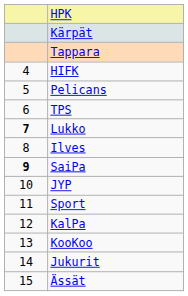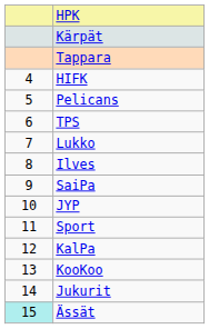 <table class="wikitable" style="width:200px;">
 <tr style="background:#F7F6A8;">
 <td align=center></td>
 <td><a href='#'>HPK</a></td>
 </tr>
 <tr style="background:#DCE5E5;">
 <td align=center></td>
 <td><a href='#'>Kärpät</a></td>
 </tr>
 <tr style="background:#FFDAB9;">
 <td align=center></td>
 <td><a href='#'>Tappara</a></td>
 </tr>
 <tr>
 <td align=center>4</td>
 <td><a href='#'>HIFK</a></td>
 </tr>
 <tr>
 <td align=center>5</td>
 <td><a href='#'>Pelicans</a></td>
 </tr>
 <tr>
 <td align=center>6</td>
 <td><a href='#'>TPS</a></td>
 </tr>
 <tr>
-<td align=center><strong>7</strong></td>
+<td align=center>7</td>
 <td><a href='#'>Lukko</a></td>
 </tr>
 <tr>
 <td align=center>8</td>
 <td><a href='#'>Ilves</a></td>
 </tr>
 <tr>
-<td align=center><strong>9</strong></td>
+<td align=center>9</td>
 <td><a href='#'>SaiPa</a></td>
 </tr>
 <tr>
 <td align=center>10</td>
 <td><a href='#'>JYP</a></td>
 </tr>
 <tr>
 <td align=center>11</td>
 <td><a href='#'>Sport</a></td>
 </tr>
 <tr>
 <td align=center>12</td>
 <td><a href='#'>KalPa</a></td>
 </tr>
 <tr>
 <td align=center>13</td>
 <td><a href='#'>KooKoo</a></td>
 </tr>
 <tr>
 <td align=center>14</td>
 <td><a href='#'>Jukurit</a></td>
 </tr>
 <tr>
-<td align=center>15</td>
+<td align=center style="background: paleturquoise;">15</td>
 <td><a href='#'>Ässät</a></td>
 </tr>
 </table>
